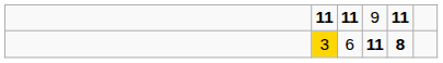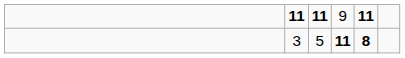 <table class="wikitable">
 <tr>
 <td style="width:18em"><strong></strong></td>
 <td align=center style="width:1em"><strong>11</strong></td>
 <td align=center style="width:1em"><strong>11</strong></td>
 <td align=center style="width:1em">9</td>
 <td align=center style="width:1em"><strong>11</strong></td>
 <td align=center style="width:1em"></td>
 </tr>
 <tr>
 <td style="width:18em"></td>
-<td align=center style="background: gold; width:1em">3</td>
-<td align=center style="width:1em">6</td>
+<td align=center style="width:1em">3</td>
+<td align=center style="width:1em">5</td>
 <td align=center style="width:1em"><strong>11</strong></td>
 <td align=center style="width:1em"><strong>8</strong></td>
 <td align=center style="width:1em"></td>
 </tr>
 </table>
